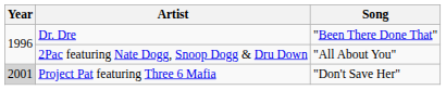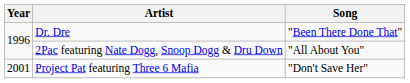 <table class="wikitable plainrowheaders sortable" style="margin-right: 0;">
 <tr>
 <th scope="col">Year</th>
 <th scope="col">Artist</th>
 <th scope="col">Song</th>
 </tr>
 <tr>
 <td rowspan=2>1996</td>
 <td><a href='#'>Dr. Dre</a></td>
 <td>"<a href='#'>Been There Done That</a>"</td>
 </tr>
 <tr>
 <td><a href='#'>2Pac</a> featuring <a href='#'>Nate Dogg</a>, <a href='#'>Snoop Dogg</a> & <a href='#'>Dru Down</a></td>
 <td>"All About You"</td>
 </tr>
 <tr>
-<td style="background: lightgrey;">2001</td>
+<td>2001</td>
 <td><a href='#'>Project Pat</a> featuring <a href='#'>Three 6 Mafia</a></td>
 <td>"Don't Save Her"</td>
 </tr>
 </table>
